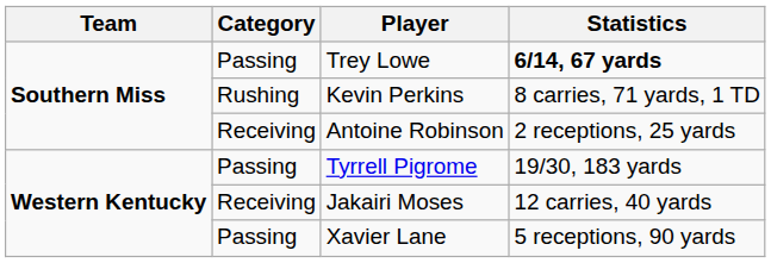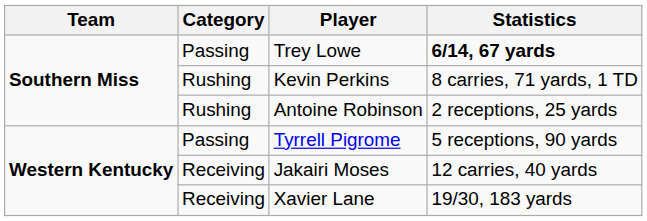 <table class="wikitable" style="float: left;">
 <tr>
 <th>Team</th>
 <th>Category</th>
 <th>Player</th>
 <th>Statistics</th>
 </tr>
 <tr>
 <td rowspan=3><strong>Southern Miss</strong></td>
 <td>Passing</td>
 <td>Trey Lowe</td>
 <td><strong>6/14, 67 yards</strong></td>
 </tr>
 <tr>
 <td>Rushing</td>
 <td>Kevin Perkins</td>
 <td>8 carries, 71 yards, 1 TD</td>
 </tr>
 <tr>
-<td>Receiving</td>
+<td>Rushing</td>
 <td>Antoine Robinson</td>
 <td>2 receptions, 25 yards</td>
 </tr>
 <tr>
 <td rowspan=3><strong>Western Kentucky</strong></td>
 <td>Passing</td>
 <td><a href='#'>Tyrrell Pigrome</a></td>
-<td>19/30, 183 yards</td>
+<td>5 receptions, 90 yards</td>
 </tr>
 <tr>
 <td>Receiving</td>
 <td>Jakairi Moses</td>
 <td>12 carries, 40 yards</td>
 </tr>
 <tr>
-<td>Passing</td>
+<td>Receiving</td>
 <td>Xavier Lane</td>
-<td>5 receptions, 90 yards</td>
+<td>19/30, 183 yards</td>
 </tr>
 </table>
